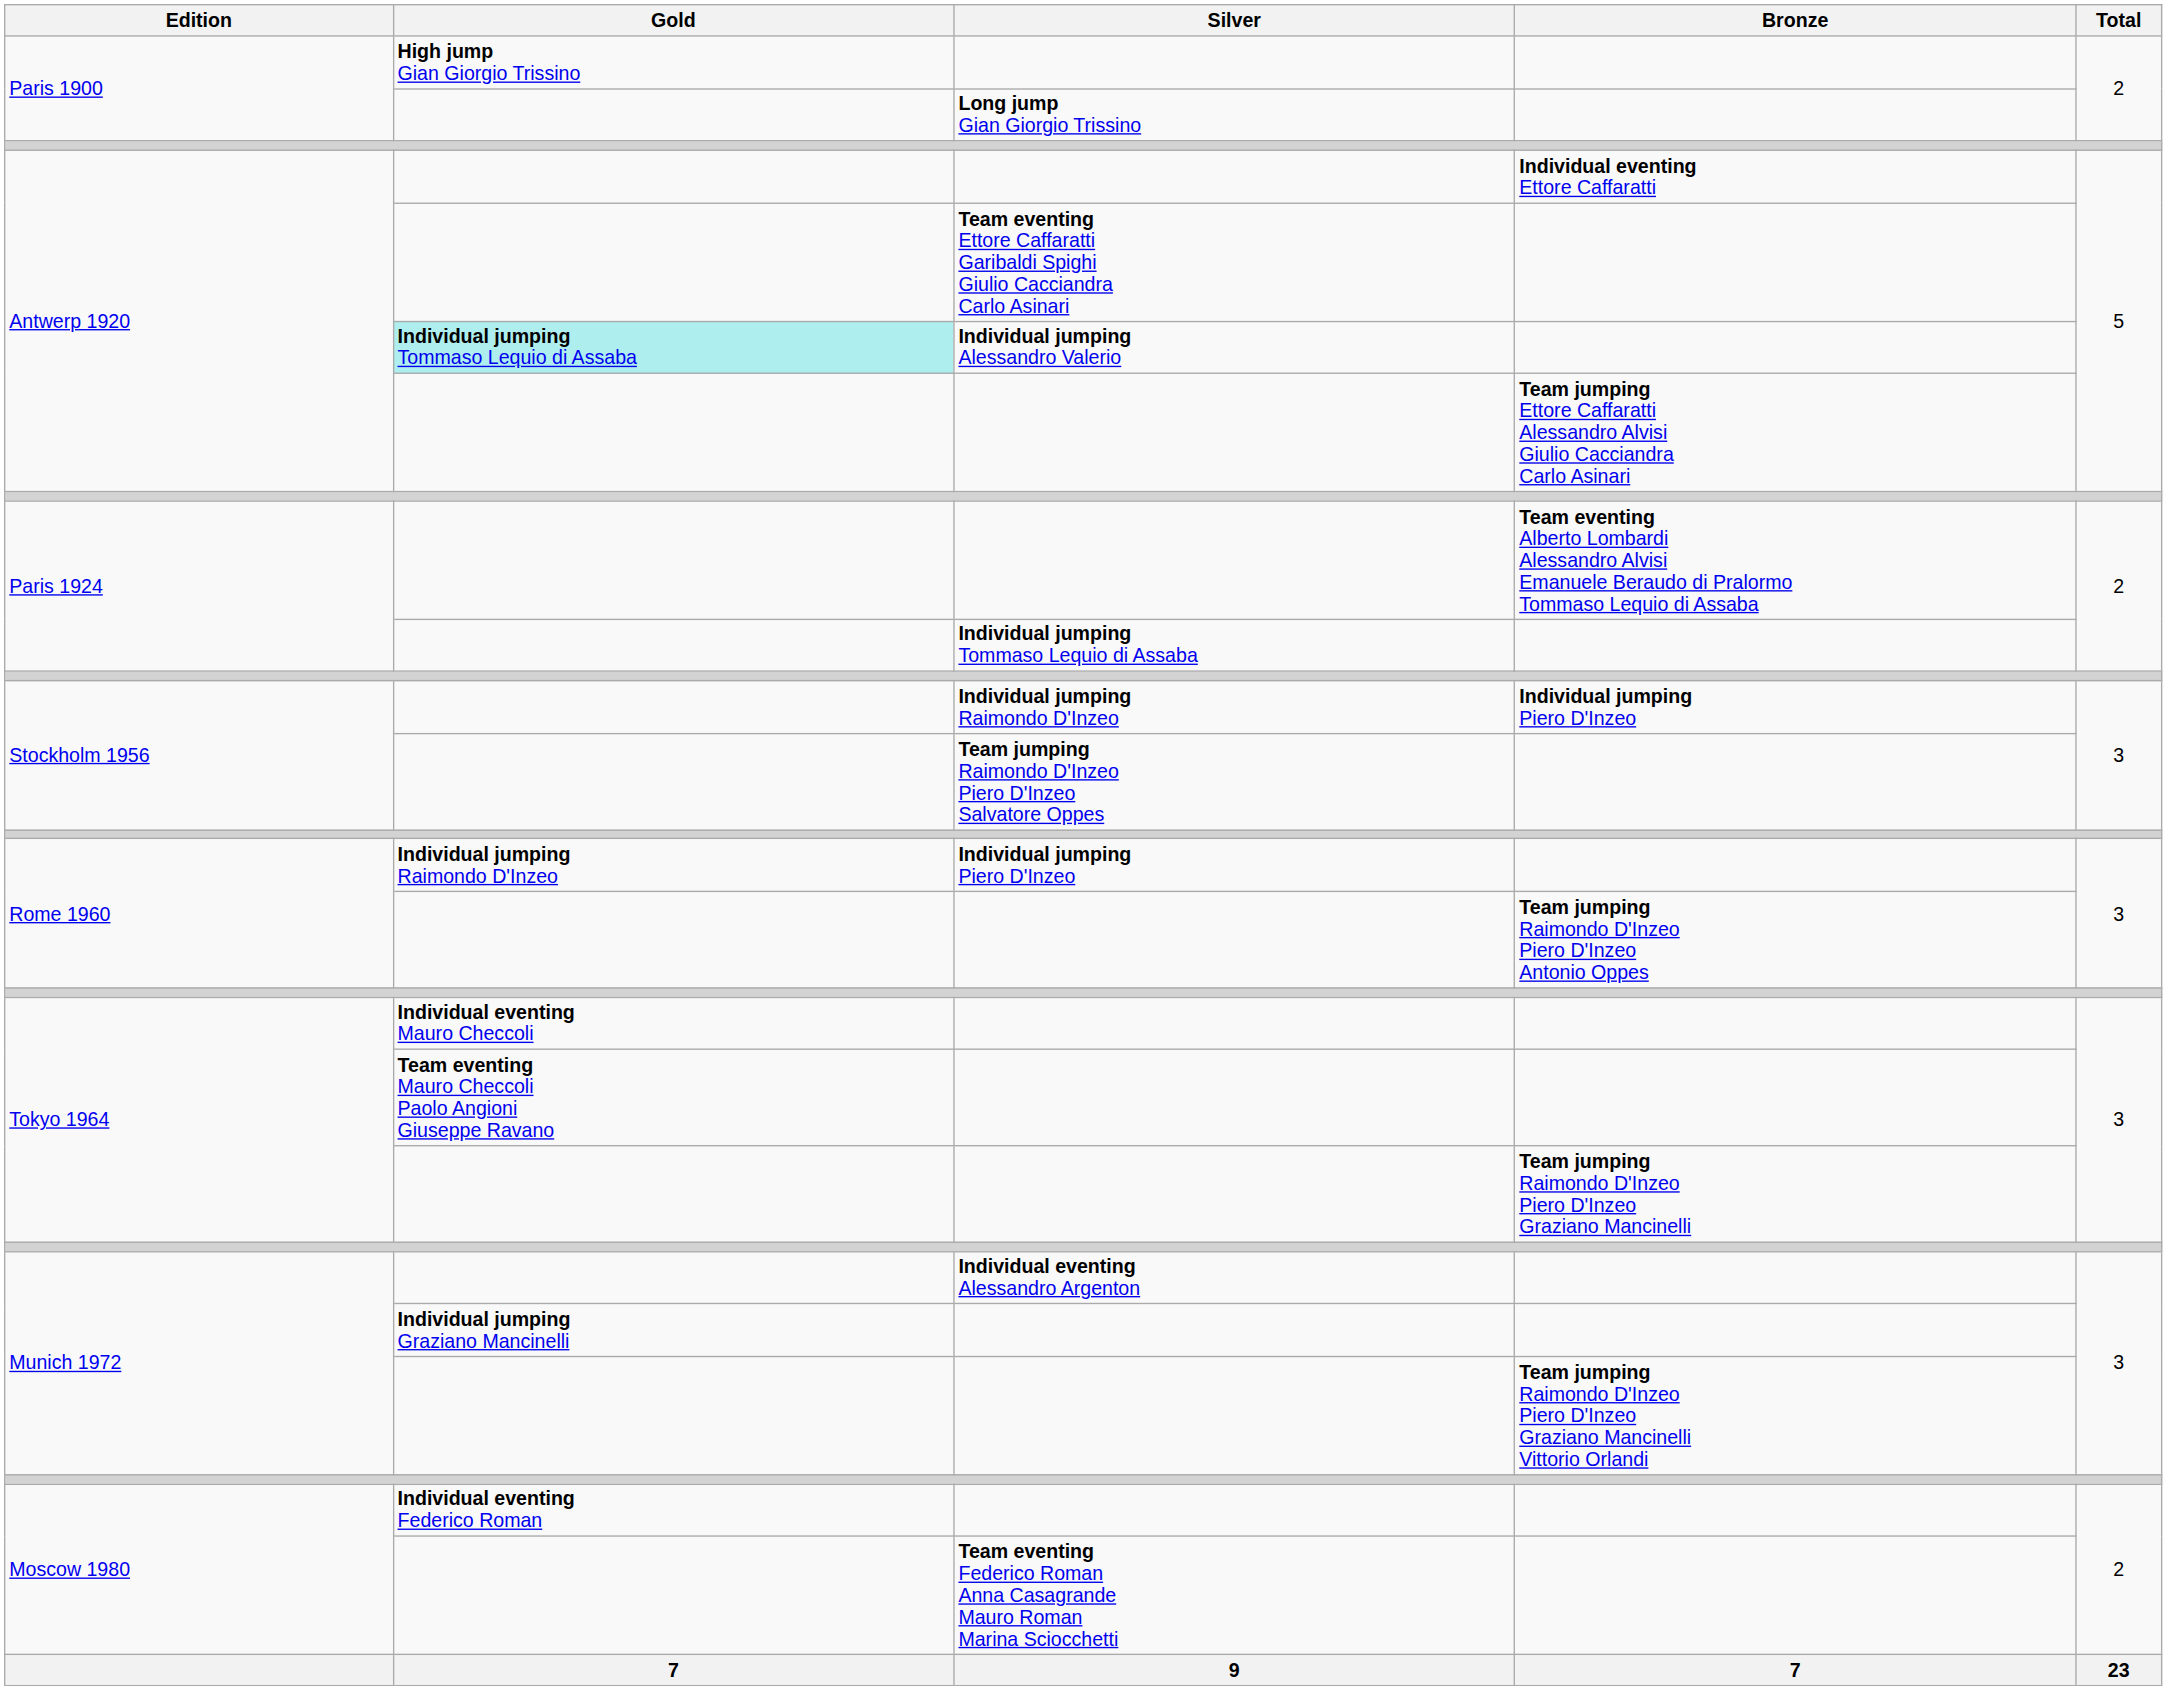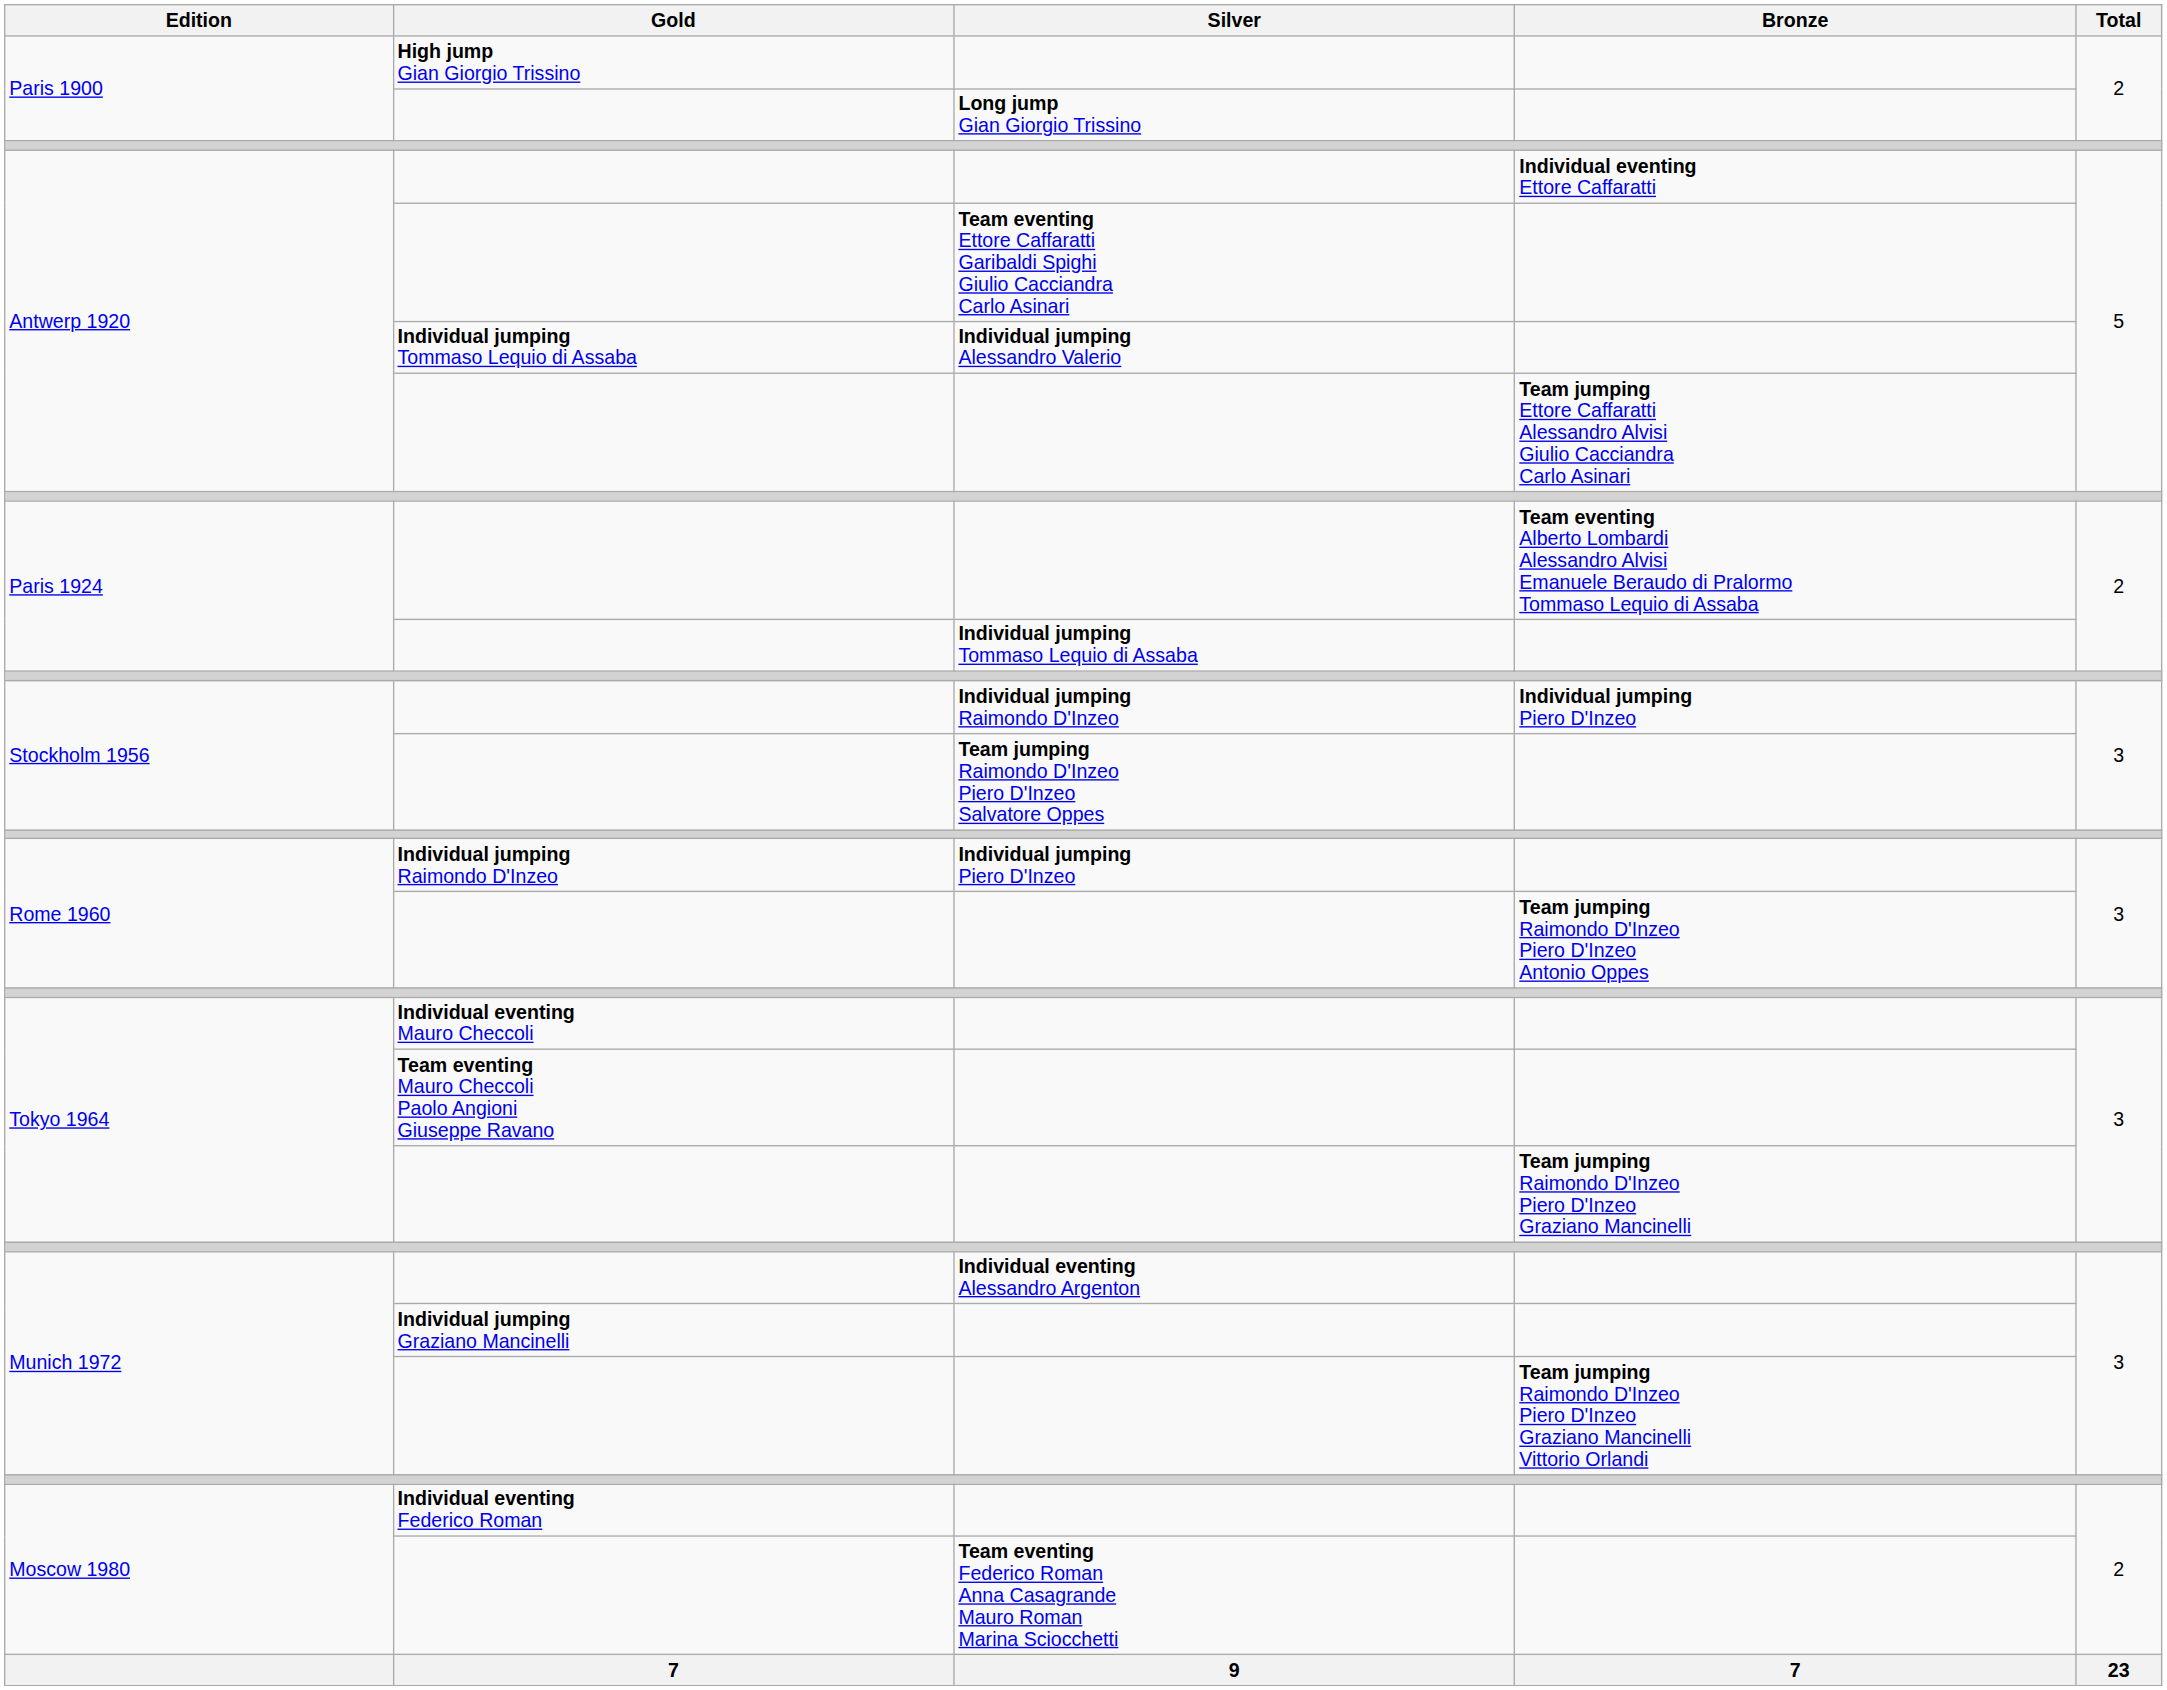 <table class="wikitable" width=80% style="font-size:90%; text-align:left;">
 <tr>
 <th width=18%>Edition</th>
 <th width=26%> Gold</th>
 <th width=26%> Silver</th>
 <th width=26%> Bronze</th>
 <th width=4%>Total</th>
 </tr>
 <tr>
 <td rowspan=2> <a href='#'>Paris 1900</a></td>
 <td><strong>High jump</strong><br><a href='#'>Gian Giorgio Trissino</a></td>
 <td></td>
 <td></td>
 <td rowspan=2 align=center>2</td>
 </tr>
 <tr>
 <td></td>
 <td><strong>Long jump</strong><br><a href='#'>Gian Giorgio Trissino</a></td>
 <td></td>
 </tr>
 <tr bgcolor=lightgrey>
 <td colspan=5></td>
 </tr>
 <tr>
 <td rowspan=4> <a href='#'>Antwerp 1920</a></td>
 <td></td>
 <td></td>
 <td><strong>Individual eventing</strong><br><a href='#'>Ettore Caffaratti</a></td>
 <td rowspan=4 align=center>5</td>
 </tr>
 <tr>
 <td></td>
 <td><strong>Team eventing</strong><br><a href='#'>Ettore Caffaratti</a><br><a href='#'>Garibaldi Spighi</a><br><a href='#'>Giulio Cacciandra</a><br><a href='#'>Carlo Asinari</a></td>
 <td></td>
 </tr>
 <tr>
-<td style="background: paleturquoise;"><strong>Individual jumping</strong><br><a href='#'>Tommaso Lequio di Assaba</a></td>
+<td><strong>Individual jumping</strong><br><a href='#'>Tommaso Lequio di Assaba</a></td>
 <td><strong>Individual jumping</strong><br><a href='#'>Alessandro Valerio</a></td>
 <td></td>
 </tr>
 <tr>
 <td></td>
 <td></td>
 <td><strong>Team jumping</strong><br><a href='#'>Ettore Caffaratti</a><br><a href='#'>Alessandro Alvisi</a><br><a href='#'>Giulio Cacciandra</a><br><a href='#'>Carlo Asinari</a></td>
 </tr>
 <tr bgcolor=lightgrey>
 <td colspan=5></td>
 </tr>
 <tr>
 <td rowspan=2> <a href='#'>Paris 1924</a></td>
 <td></td>
 <td></td>
 <td><strong>Team eventing</strong><br><a href='#'>Alberto Lombardi</a><br><a href='#'>Alessandro Alvisi</a><br><a href='#'>Emanuele Beraudo di Pralormo</a><br><a href='#'>Tommaso Lequio di Assaba</a></td>
 <td rowspan=2 align=center>2</td>
 </tr>
 <tr>
 <td></td>
 <td><strong>Individual jumping</strong><br><a href='#'>Tommaso Lequio di Assaba</a></td>
 <td></td>
 </tr>
 <tr bgcolor=lightgrey>
 <td colspan=5></td>
 </tr>
 <tr>
 <td rowspan=2> <a href='#'>Stockholm 1956</a></td>
 <td></td>
 <td><strong>Individual jumping</strong><br><a href='#'>Raimondo D'Inzeo</a></td>
 <td><strong>Individual jumping</strong><br><a href='#'>Piero D'Inzeo</a></td>
 <td rowspan=2 align=center>3</td>
 </tr>
 <tr>
 <td></td>
 <td><strong>Team jumping</strong><br><a href='#'>Raimondo D'Inzeo</a><br><a href='#'>Piero D'Inzeo</a><br><a href='#'>Salvatore Oppes</a></td>
 <td></td>
 </tr>
 <tr bgcolor=lightgrey>
 <td colspan=5></td>
 </tr>
 <tr>
 <td rowspan=2> <a href='#'>Rome 1960</a></td>
 <td><strong>Individual jumping</strong><br><a href='#'>Raimondo D'Inzeo</a></td>
 <td><strong>Individual jumping</strong><br><a href='#'>Piero D'Inzeo</a></td>
 <td></td>
 <td rowspan=2 align=center>3</td>
 </tr>
 <tr>
 <td></td>
 <td></td>
 <td><strong>Team jumping</strong><br><a href='#'>Raimondo D'Inzeo</a><br><a href='#'>Piero D'Inzeo</a><br><a href='#'>Antonio Oppes</a></td>
 </tr>
 <tr bgcolor=lightgrey>
 <td colspan=5></td>
 </tr>
 <tr>
 <td rowspan=3> <a href='#'>Tokyo 1964</a></td>
 <td><strong>Individual eventing</strong><br><a href='#'>Mauro Checcoli</a></td>
 <td></td>
 <td></td>
 <td rowspan=3 align=center>3</td>
 </tr>
 <tr>
 <td><strong>Team eventing</strong><br><a href='#'>Mauro Checcoli</a><br><a href='#'>Paolo Angioni</a><br><a href='#'>Giuseppe Ravano</a></td>
 <td></td>
 <td></td>
 </tr>
 <tr>
 <td></td>
 <td></td>
 <td><strong>Team jumping</strong><br><a href='#'>Raimondo D'Inzeo</a><br><a href='#'>Piero D'Inzeo</a><br><a href='#'>Graziano Mancinelli</a></td>
 </tr>
 <tr bgcolor=lightgrey>
 <td colspan=5></td>
 </tr>
 <tr>
 <td rowspan=3 align=left> <a href='#'>Munich 1972</a></td>
 <td></td>
 <td><strong>Individual eventing</strong><br><a href='#'>Alessandro Argenton</a></td>
 <td></td>
 <td rowspan=3 align=center>3</td>
 </tr>
 <tr>
 <td><strong>Individual jumping</strong><br><a href='#'>Graziano Mancinelli</a></td>
 <td></td>
 <td></td>
 </tr>
 <tr>
 <td></td>
 <td></td>
 <td><strong>Team jumping</strong><br><a href='#'>Raimondo D'Inzeo</a><br><a href='#'>Piero D'Inzeo</a><br><a href='#'>Graziano Mancinelli</a><br><a href='#'>Vittorio Orlandi</a></td>
 </tr>
 <tr bgcolor=lightgrey>
 <td colspan=5></td>
 </tr>
 <tr>
 <td rowspan=2 align=left> <a href='#'>Moscow 1980</a></td>
 <td><strong>Individual eventing</strong><br><a href='#'>Federico Roman</a></td>
 <td></td>
 <td></td>
 <td rowspan=2 align=center>2</td>
 </tr>
 <tr>
 <td></td>
 <td><strong>Team eventing</strong><br><a href='#'>Federico Roman</a><br><a href='#'>Anna Casagrande</a><br><a href='#'>Mauro Roman</a><br><a href='#'>Marina Sciocchetti</a></td>
 <td></td>
 </tr>
 <tr>
 <th></th>
 <th>7</th>
 <th>9</th>
 <th>7</th>
 <th>23</th>
 </tr>
 </table>
